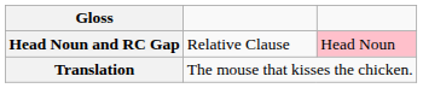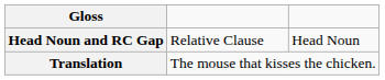 <table class="wikitable">
 <tr>
 <th>Gloss</th>
 <td></td>
 <td></td>
 </tr>
 <tr>
 <th>Head Noun and RC Gap</th>
 <td>Relative Clause</td>
-<td style="background: pink;">Head Noun</td>
+<td>Head Noun</td>
 </tr>
 <tr>
 <th>Translation</th>
 <td colspan="2">The mouse that kisses the chicken.</td>
 </tr>
 </table>
